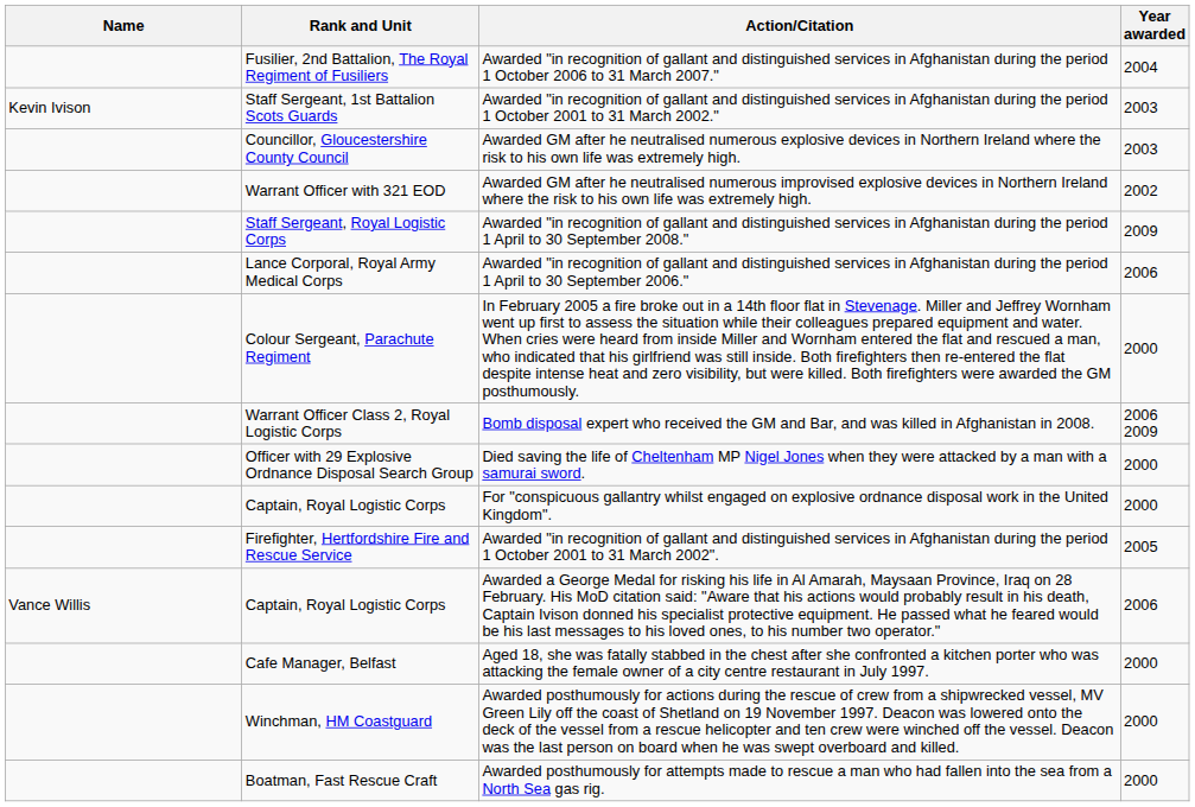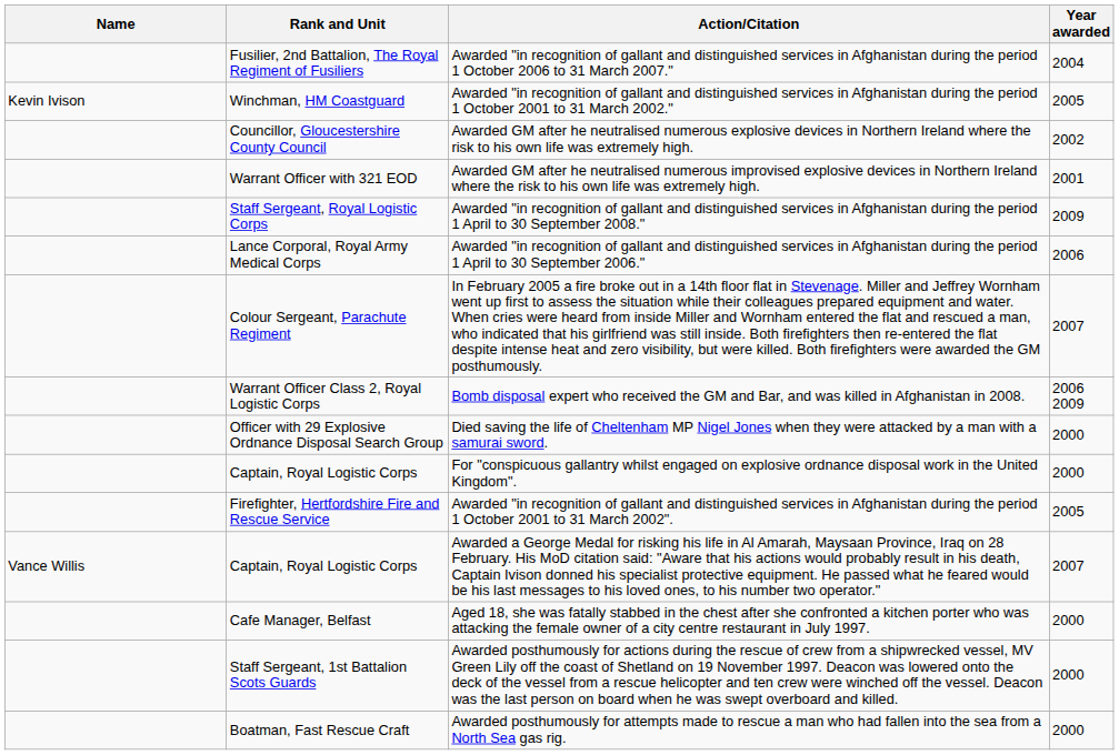 <table class="wikitable sortable">
 <tr>
 <th scope="col" width="20%">Name</th>
 <th scope="col" width="20%">Rank and Unit</th>
 <th>Action/Citation</th>
 <th scope="col" width="50">Year<br>awarded</th>
 </tr>
 <tr>
 <td></td>
 <td>Fusilier, 2nd Battalion, <a href='#'>The Royal Regiment of Fusiliers</a></td>
 <td>Awarded "in recognition of gallant and distinguished services in Afghanistan during the period 1 October 2006 to 31 March 2007."</td>
 <td>2004</td>
 </tr>
 <tr>
 <td>Kevin Ivison</td>
-<td>Staff Sergeant, 1st Battalion <a href='#'>Scots Guards</a></td>
+<td>Winchman, <a href='#'>HM Coastguard</a></td>
 <td>Awarded "in recognition of gallant and distinguished services in Afghanistan during the period 1 October 2001 to 31 March 2002."</td>
-<td>2003</td>
+<td>2005</td>
 </tr>
 <tr>
 <td></td>
 <td>Councillor, <a href='#'>Gloucestershire County Council</a></td>
 <td>Awarded GM after he neutralised numerous explosive devices in Northern Ireland where the risk to his own life was extremely high.</td>
-<td>2003</td>
+<td>2002</td>
 </tr>
 <tr>
 <td></td>
 <td>Warrant Officer with 321 EOD</td>
 <td>Awarded GM after he neutralised numerous improvised explosive devices in Northern Ireland where the risk to his own life was extremely high.</td>
-<td>2002</td>
+<td>2001</td>
 </tr>
 <tr>
 <td></td>
 <td><a href='#'>Staff Sergeant</a>, <a href='#'>Royal Logistic Corps</a></td>
 <td>Awarded "in recognition of gallant and distinguished services in Afghanistan during the period 1 April to 30 September 2008."</td>
 <td>2009</td>
 </tr>
 <tr>
 <td></td>
 <td>Lance Corporal, Royal Army Medical Corps</td>
 <td>Awarded "in recognition of gallant and distinguished services in Afghanistan during the period 1 April to 30 September 2006."</td>
 <td>2006</td>
 </tr>
 <tr>
 <td></td>
 <td>Colour Sergeant, <a href='#'>Parachute Regiment</a></td>
 <td>In February 2005 a fire broke out in a 14th floor flat in <a href='#'>Stevenage</a>. Miller and Jeffrey Wornham went up first to assess the situation while their colleagues prepared equipment and water. When cries were heard from inside Miller and Wornham entered the flat and rescued a man, who indicated that his girlfriend was still inside. Both firefighters then re-entered the flat despite intense heat and zero visibility, but were killed. Both firefighters were awarded the GM posthumously.</td>
-<td>2000</td>
+<td>2007</td>
 </tr>
 <tr>
 <td></td>
 <td>Warrant Officer Class 2, Royal Logistic Corps</td>
 <td><a href='#'>Bomb disposal</a> expert who received the GM and Bar, and was killed in Afghanistan in 2008.</td>
 <td>2006 2009<br></td>
 </tr>
 <tr>
 <td></td>
 <td>Officer with 29 Explosive Ordnance Disposal Search Group</td>
 <td>Died saving the life of <a href='#'>Cheltenham</a> MP <a href='#'>Nigel Jones</a> when they were attacked by a man with a <a href='#'>samurai sword</a>.</td>
 <td>2000</td>
 </tr>
 <tr>
 <td></td>
 <td>Captain, Royal Logistic Corps</td>
 <td>For "conspicuous gallantry whilst engaged on explosive ordnance disposal work in the United Kingdom".</td>
 <td>2000</td>
 </tr>
 <tr>
 <td></td>
 <td>Firefighter, <a href='#'>Hertfordshire Fire and Rescue Service</a></td>
 <td>Awarded "in recognition of gallant and distinguished services in Afghanistan during the period 1 October 2001 to 31 March 2002".</td>
 <td>2005</td>
 </tr>
 <tr>
 <td>Vance Willis</td>
 <td>Captain, Royal Logistic Corps</td>
 <td>Awarded a George Medal for risking his life in Al Amarah, Maysaan Province, Iraq on 28 February. His MoD citation said: "Aware that his actions would probably result in his death, Captain Ivison donned his specialist protective equipment. He passed what he feared would be his last messages to his loved ones, to his number two operator."</td>
-<td>2006</td>
+<td>2007</td>
 </tr>
 <tr>
 <td></td>
 <td>Cafe Manager, Belfast</td>
 <td>Aged 18, she was fatally stabbed in the chest after she confronted a kitchen porter who was attacking the female owner of a city centre restaurant in July 1997.</td>
 <td>2000</td>
 </tr>
 <tr>
 <td></td>
-<td>Winchman, <a href='#'>HM Coastguard</a></td>
+<td>Staff Sergeant, 1st Battalion <a href='#'>Scots Guards</a></td>
 <td>Awarded posthumously for actions during the rescue of crew from a shipwrecked vessel, MV Green Lily off the coast of Shetland on 19 November 1997. Deacon was lowered onto the deck of the vessel from a rescue helicopter and ten crew were winched off the vessel. Deacon was the last person on board when he was swept overboard and killed.</td>
 <td>2000</td>
 </tr>
 <tr>
 <td></td>
 <td>Boatman, Fast Rescue Craft</td>
 <td>Awarded posthumously for attempts made to rescue a man who had fallen into the sea from a <a href='#'>North Sea</a> gas rig.</td>
 <td>2000</td>
 </tr>
 </table>
